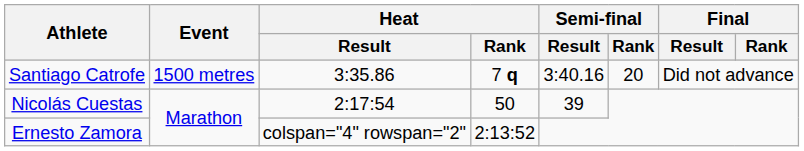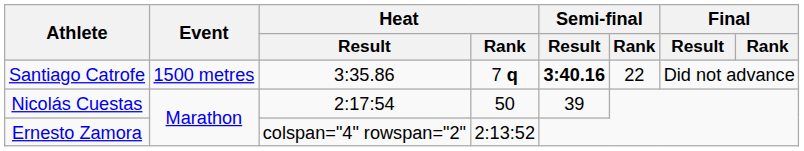 <table class="wikitable" style="font-size:90%">
 <tr>
 <th rowspan="2">Athlete</th>
 <th rowspan="2">Event</th>
 <th colspan="2">Heat</th>
 <th colspan="2">Semi-final</th>
 <th colspan="2">Final</th>
 </tr>
 <tr style="font-size:95%">
 <th>Result</th>
 <th>Rank</th>
 <th>Result</th>
 <th>Rank</th>
 <th>Result</th>
 <th>Rank</th>
 </tr>
 <tr align="center">
 <td align="center" rowspan="1"><a href='#'>Santiago Catrofe</a></td>
 <td rowspan="1" align="center"><a href='#'>1500 metres</a></td>
 <td>3:35.86</td>
 <td>7 <strong>q</strong></td>
-<td>3:40.16</td>
-<td>20</td>
+<td><strong>3:40.16</strong></td>
+<td>22</td>
 <td colspan="2">Did not advance</td>
 </tr>
 <tr align="center">
 <td align="center"><a href='#'>Nicolás Cuestas</a></td>
 <td rowspan="2" align="center"><a href='#'>Marathon</a></td>
 <td>2:17:54</td>
 <td>50</td>
 <td>39</td>
 </tr>
 <tr align="center">
 <td align="center"><a href='#'>Ernesto Zamora</a></td>
 <td>colspan="4" rowspan="2" </td>
 <td>2:13:52</td>
 </tr>
 </table>
